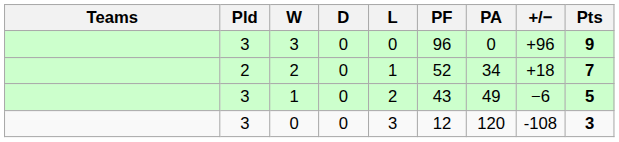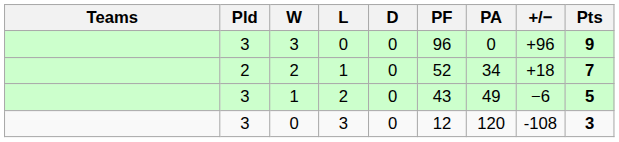 <table class="wikitable" style="text-align: center;">
 <tr>
 <th width="200">Teams</th>
 <th width="40">Pld</th>
 <th width="40">W</th>
+<th width="40">L</th>
 <th width="40">D</th>
-<th width="40">L</th>
 <th width="40">PF</th>
 <th width="40">PA</th>
 <th width="40">+/−</th>
 <th width="40">Pts</th>
 </tr>
 <tr style="background:#cfc; width:20px;">
 <td align=left></td>
 <td>3</td>
 <td>3</td>
 <td>0</td>
 <td>0</td>
 <td>96</td>
 <td>0</td>
 <td>+96</td>
 <td><strong>9</strong></td>
 </tr>
 <tr style="background:#cfc; width:20px;">
 <td align=left></td>
 <td>2</td>
 <td>2</td>
+<td>1</td>
 <td>0</td>
-<td>1</td>
 <td>52</td>
 <td>34</td>
 <td>+18</td>
 <td><strong>7</strong></td>
 </tr>
 <tr style="background:#cfc; width:20px;">
 <td align=left></td>
 <td>3</td>
 <td>1</td>
+<td>2</td>
 <td>0</td>
-<td>2</td>
 <td>43</td>
 <td>49</td>
 <td>−6</td>
 <td><strong>5</strong></td>
 </tr>
 <tr>
 <td align=left></td>
 <td>3</td>
 <td>0</td>
+<td>3</td>
 <td>0</td>
-<td>3</td>
 <td>12</td>
 <td>120</td>
 <td>-108</td>
 <td><strong>3</strong></td>
 </tr>
 </table>
